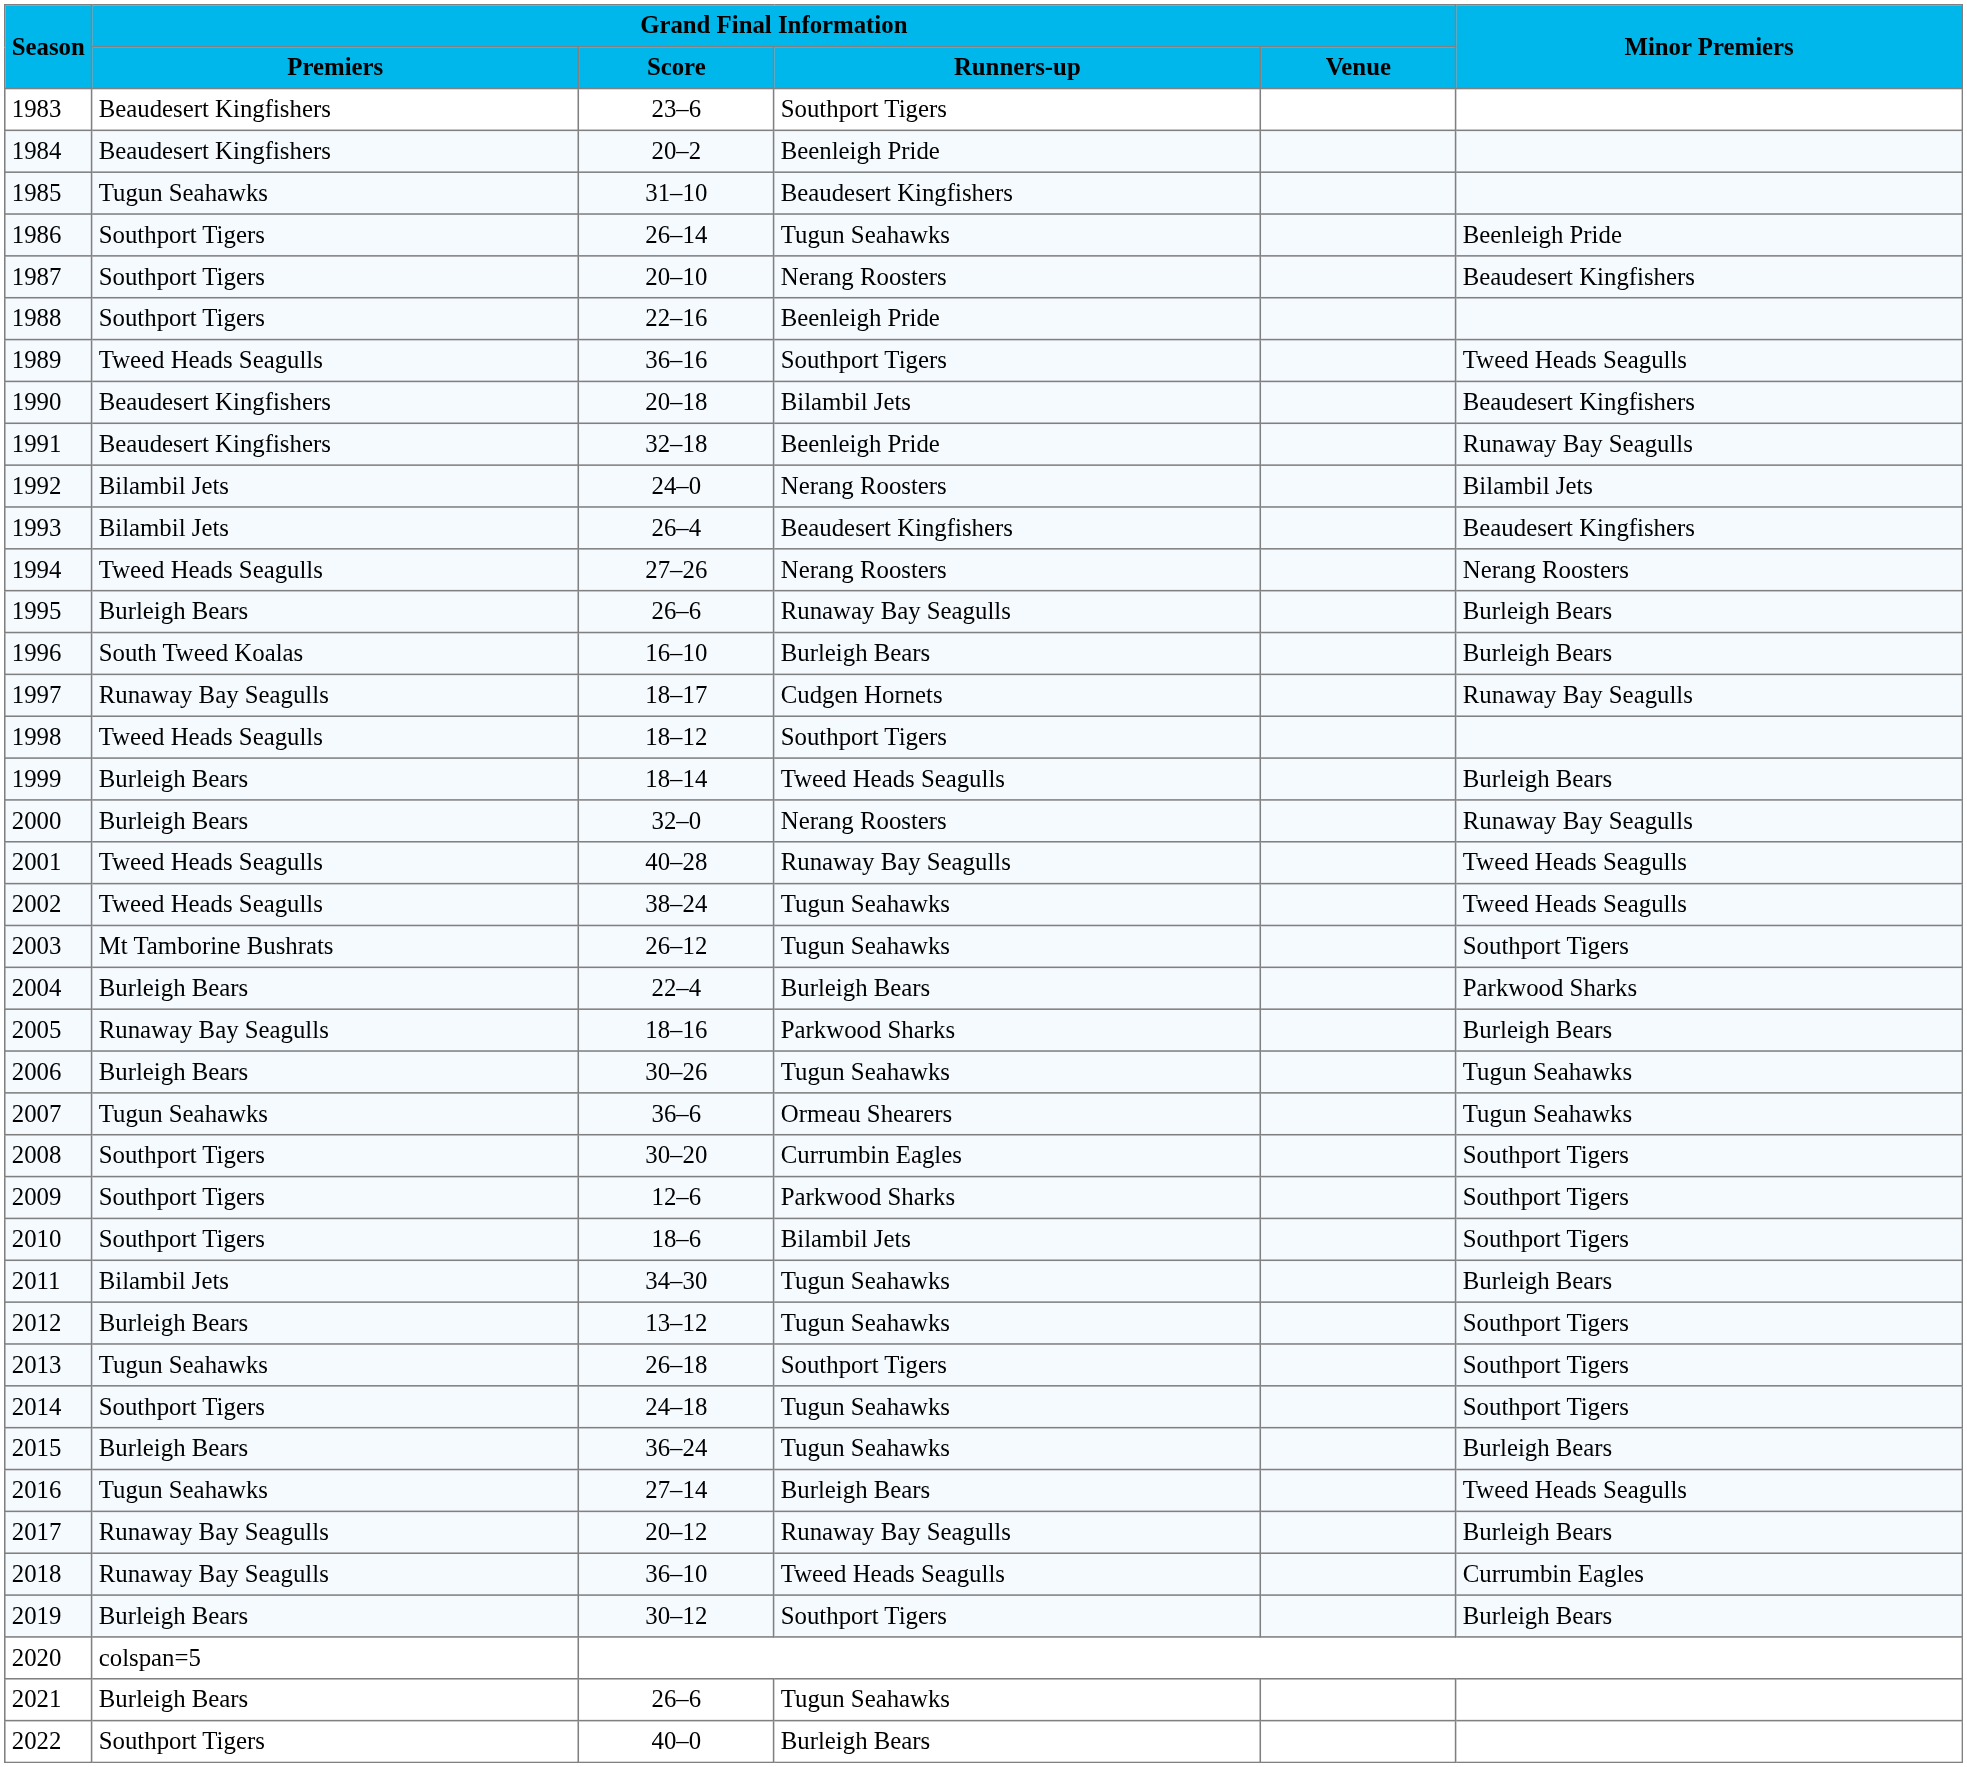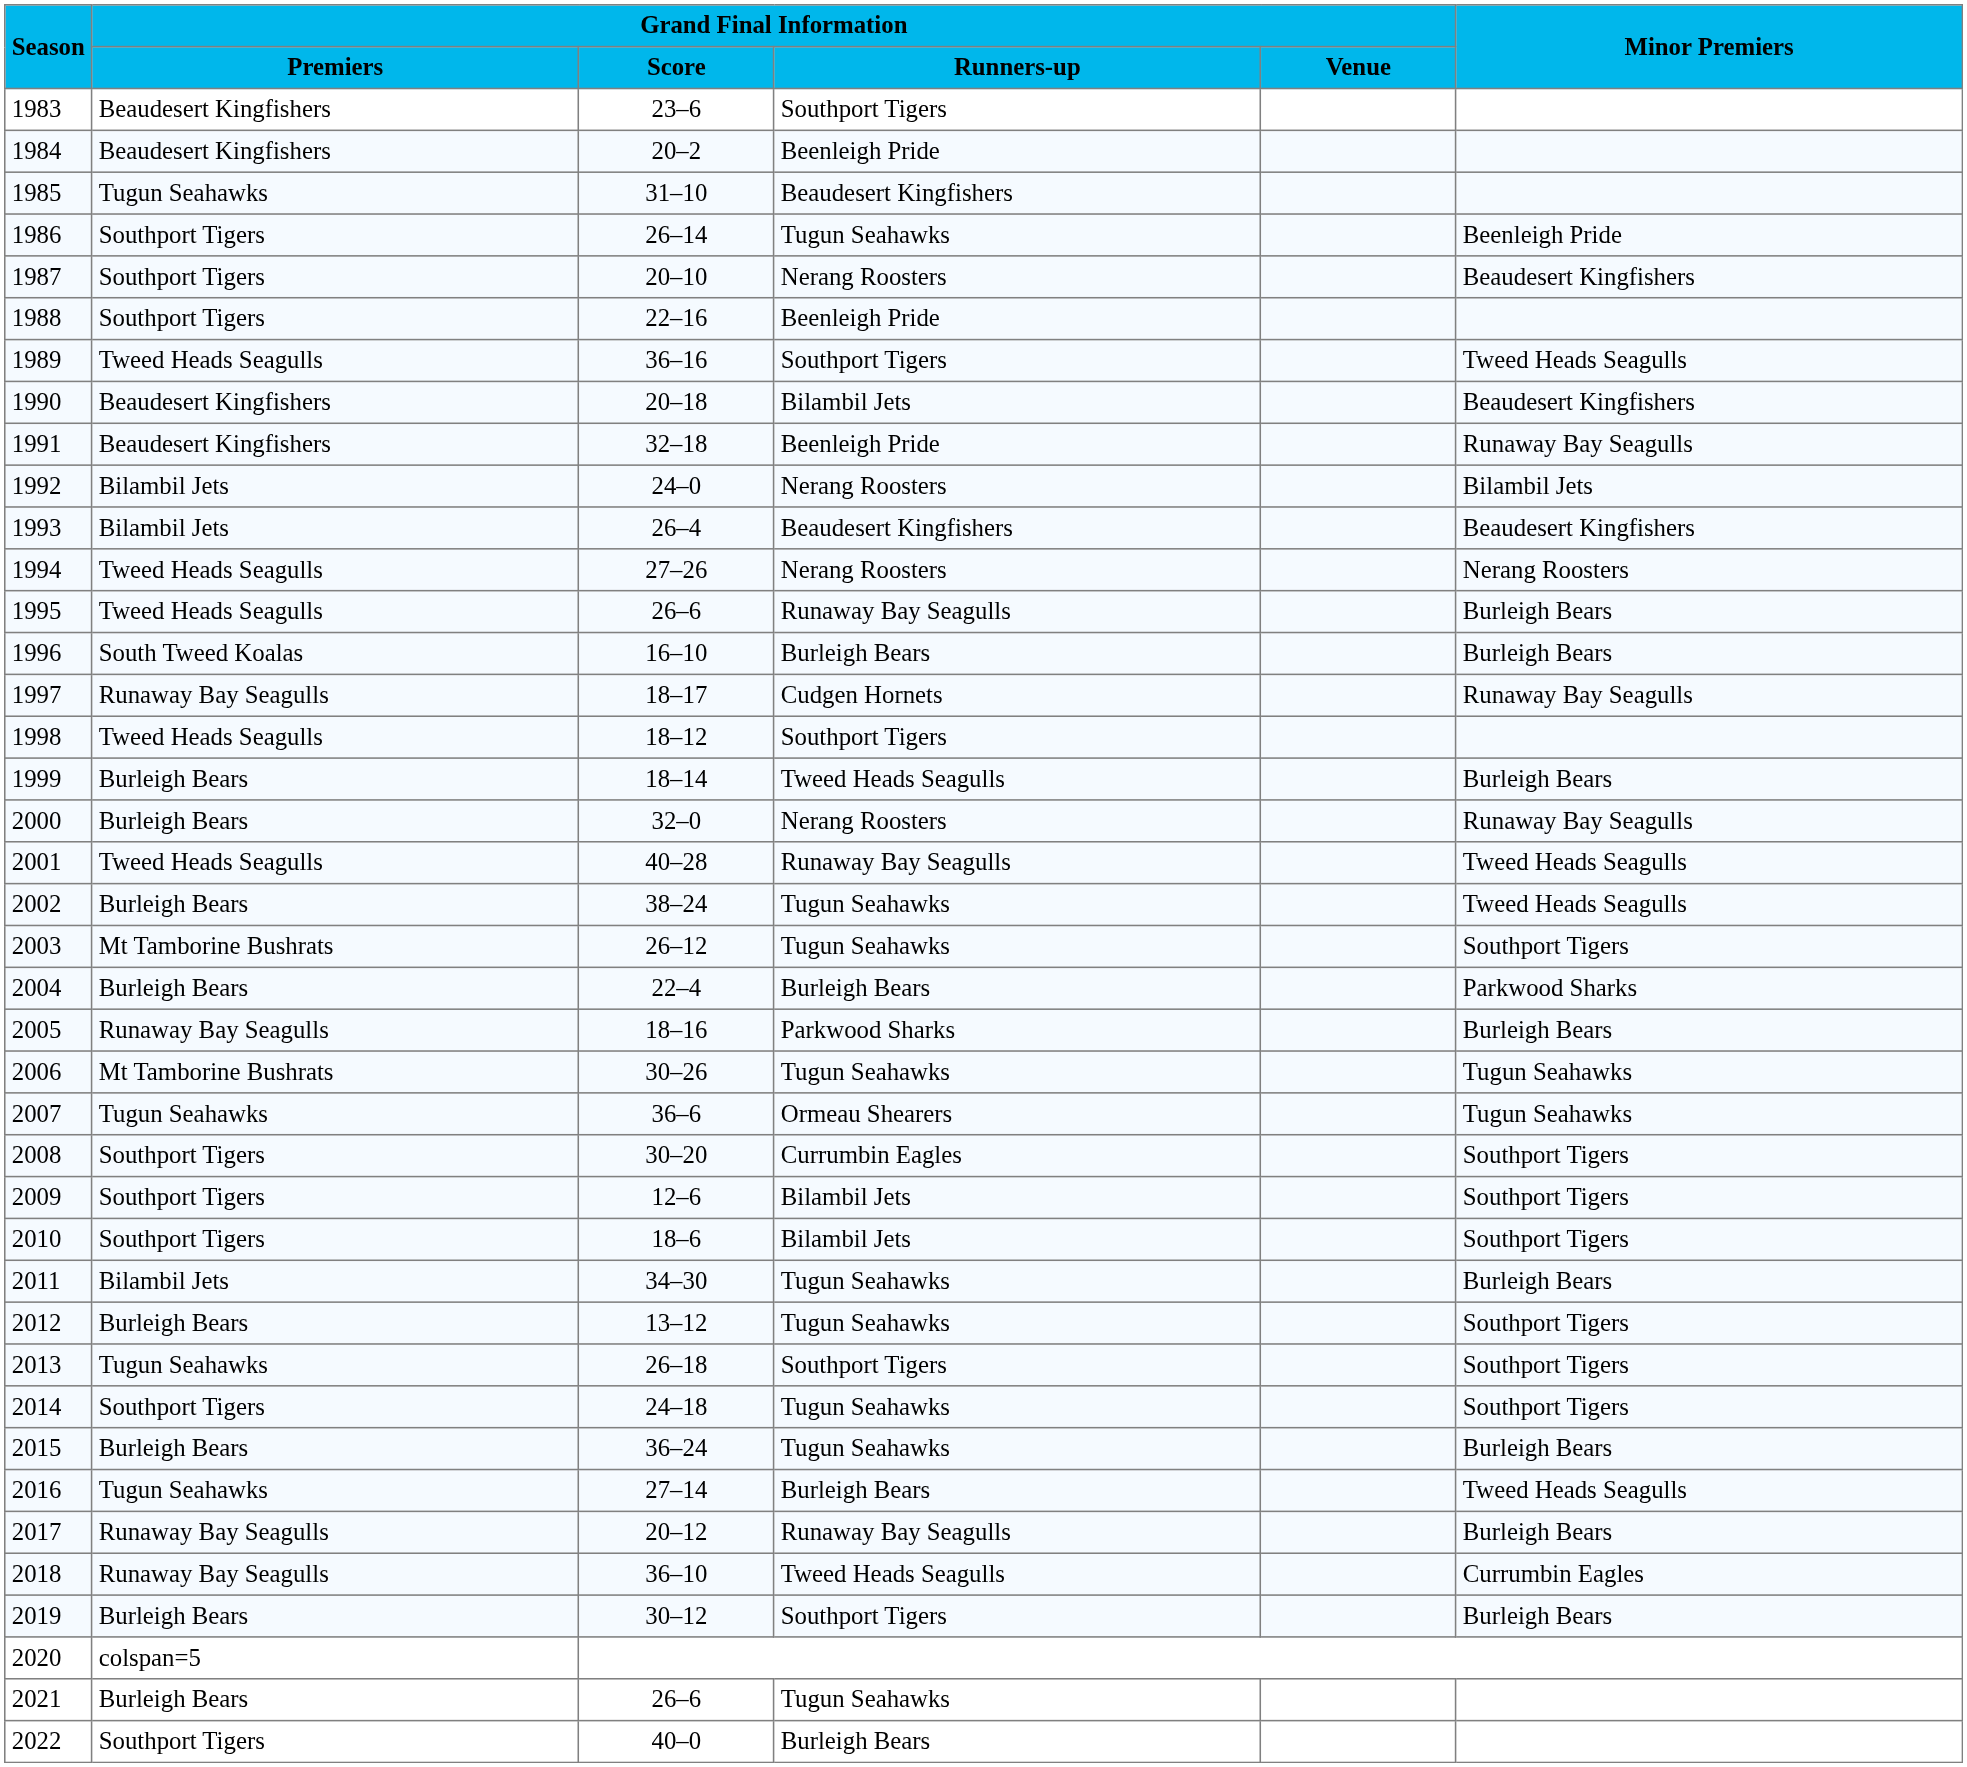 <table border=1 style="border-collapse:collapse; font-size:100%;" cellpadding=4 cellspacing=0 width=100%>
 <tr bgcolor=#00B7EB>
 <th rowspan=2 width=04%>Season</th>
 <th rowspan=1 colspan=4>Grand Final Information</th>
 <th rowspan=2 width=40%>Minor Premiers</th>
 </tr>
 <tr bgcolor=#00B7EB>
 <th rowspan=1 width=25%>Premiers</th>
 <th rowspan=1 width=10%>Score</th>
 <th rowspan=1 width=25%>Runners-up</th>
 <th rowspan=1 width=10%>Venue</th>
 </tr>
 <tr bgcolor=#FFFFFF>
 <td>1983</td>
 <td> Beaudesert Kingfishers</td>
 <td align=center>23–6</td>
 <td> Southport Tigers</td>
 <td></td>
 <td></td>
 </tr>
 <tr bgcolor=#F5FAFF>
 <td>1984</td>
 <td> Beaudesert Kingfishers</td>
 <td align=center>20–2</td>
 <td> Beenleigh Pride</td>
 <td></td>
 <td></td>
 </tr>
 <tr bgcolor=#F5FAFF>
 <td>1985</td>
 <td> Tugun Seahawks</td>
 <td align=center>31–10</td>
 <td> Beaudesert Kingfishers</td>
 <td></td>
 <td></td>
 </tr>
 <tr bgcolor=#F5FAFF>
 <td>1986</td>
 <td> Southport Tigers</td>
 <td align=center>26–14</td>
 <td> Tugun Seahawks</td>
 <td></td>
 <td> Beenleigh Pride</td>
 </tr>
 <tr bgcolor=#F5FAFF>
 <td>1987</td>
 <td> Southport Tigers</td>
 <td align=center>20–10</td>
 <td> Nerang Roosters</td>
 <td></td>
 <td> Beaudesert Kingfishers</td>
 </tr>
 <tr bgcolor=#F5FAFF>
 <td>1988</td>
 <td> Southport Tigers</td>
 <td align=center>22–16</td>
 <td> Beenleigh Pride</td>
 <td></td>
 <td></td>
 </tr>
 <tr bgcolor=#F5FAFF>
 <td>1989</td>
 <td> Tweed Heads Seagulls</td>
 <td align=center>36–16</td>
 <td> Southport Tigers</td>
 <td></td>
 <td> Tweed Heads Seagulls</td>
 </tr>
 <tr bgcolor=#F5FAFF>
 <td>1990</td>
 <td> Beaudesert Kingfishers</td>
 <td align=center>20–18</td>
 <td> Bilambil Jets</td>
 <td></td>
 <td> Beaudesert Kingfishers</td>
 </tr>
 <tr bgcolor=#F5FAFF>
 <td>1991</td>
 <td> Beaudesert Kingfishers</td>
 <td align=center>32–18</td>
 <td> Beenleigh Pride</td>
 <td></td>
 <td> Runaway Bay Seagulls</td>
 </tr>
 <tr bgcolor=#F5FAFF>
 <td>1992</td>
 <td> Bilambil Jets</td>
 <td align=center>24–0</td>
 <td> Nerang Roosters</td>
 <td></td>
 <td> Bilambil Jets</td>
 </tr>
 <tr bgcolor=#F5FAFF>
 <td>1993</td>
 <td> Bilambil Jets</td>
 <td align=center>26–4</td>
 <td> Beaudesert Kingfishers</td>
 <td></td>
 <td> Beaudesert Kingfishers</td>
 </tr>
 <tr bgcolor=#F5FAFF>
 <td>1994</td>
 <td> Tweed Heads Seagulls</td>
 <td align=center>27–26</td>
 <td> Nerang Roosters</td>
 <td></td>
 <td> Nerang Roosters</td>
 </tr>
 <tr bgcolor=#F5FAFF>
 <td>1995</td>
-<td> Burleigh Bears</td>
+<td> Tweed Heads Seagulls</td>
 <td align=center>26–6</td>
 <td> Runaway Bay Seagulls</td>
 <td></td>
 <td> Burleigh Bears</td>
 </tr>
 <tr bgcolor=#F5FAFF>
 <td>1996</td>
 <td> South Tweed Koalas</td>
 <td align=center>16–10</td>
 <td> Burleigh Bears</td>
 <td></td>
 <td> Burleigh Bears</td>
 </tr>
 <tr bgcolor=#F5FAFF>
 <td>1997</td>
 <td> Runaway Bay Seagulls</td>
 <td align=center>18–17</td>
 <td> Cudgen Hornets</td>
 <td></td>
 <td> Runaway Bay Seagulls</td>
 </tr>
 <tr bgcolor=#F5FAFF>
 <td>1998</td>
 <td> Tweed Heads Seagulls</td>
 <td align=center>18–12</td>
 <td> Southport Tigers</td>
 <td></td>
 <td></td>
 </tr>
 <tr bgcolor=#F5FAFF>
 <td>1999</td>
 <td> Burleigh Bears</td>
 <td align=center>18–14</td>
 <td> Tweed Heads Seagulls</td>
 <td></td>
 <td> Burleigh Bears</td>
 </tr>
 <tr bgcolor=#F5FAFF>
 <td>2000</td>
 <td> Burleigh Bears</td>
 <td align=center>32–0</td>
 <td> Nerang Roosters</td>
 <td></td>
 <td> Runaway Bay Seagulls</td>
 </tr>
 <tr bgcolor=#F5FAFF>
 <td>2001</td>
 <td> Tweed Heads Seagulls</td>
 <td align=center>40–28</td>
 <td> Runaway Bay Seagulls</td>
 <td></td>
 <td> Tweed Heads Seagulls</td>
 </tr>
 <tr bgcolor=#F5FAFF>
 <td>2002</td>
-<td> Tweed Heads Seagulls</td>
+<td> Burleigh Bears</td>
 <td align=center>38–24</td>
 <td> Tugun Seahawks</td>
 <td></td>
 <td> Tweed Heads Seagulls</td>
 </tr>
 <tr bgcolor=#F5FAFF>
 <td>2003</td>
 <td> Mt Tamborine Bushrats</td>
 <td align=center>26–12</td>
 <td> Tugun Seahawks</td>
 <td></td>
 <td> Southport Tigers</td>
 </tr>
 <tr bgcolor=#F5FAFF>
 <td>2004</td>
 <td> Burleigh Bears</td>
 <td align=center>22–4</td>
 <td> Burleigh Bears</td>
 <td></td>
 <td> Parkwood Sharks</td>
 </tr>
 <tr bgcolor=#F5FAFF>
 <td>2005</td>
 <td> Runaway Bay Seagulls</td>
 <td align=center>18–16</td>
 <td> Parkwood Sharks</td>
 <td></td>
 <td> Burleigh Bears</td>
 </tr>
 <tr bgcolor=#F5FAFF>
 <td>2006</td>
-<td> Burleigh Bears</td>
+<td> Mt Tamborine Bushrats</td>
 <td align=center>30–26</td>
 <td> Tugun Seahawks</td>
 <td></td>
 <td> Tugun Seahawks</td>
 </tr>
 <tr bgcolor=#F5FAFF>
 <td>2007</td>
 <td> Tugun Seahawks</td>
 <td align=center>36–6</td>
 <td> Ormeau Shearers</td>
 <td></td>
 <td> Tugun Seahawks</td>
 </tr>
 <tr bgcolor=#F5FAFF>
 <td>2008</td>
 <td> Southport Tigers</td>
 <td align=center>30–20</td>
 <td> Currumbin Eagles</td>
 <td></td>
 <td> Southport Tigers</td>
 </tr>
 <tr bgcolor=#F5FAFF>
 <td>2009</td>
 <td> Southport Tigers</td>
 <td align=center>12–6</td>
-<td> Parkwood Sharks</td>
+<td> Bilambil Jets</td>
 <td></td>
 <td> Southport Tigers</td>
 </tr>
 <tr bgcolor=#F5FAFF>
 <td>2010</td>
 <td> Southport Tigers</td>
 <td align=center>18–6</td>
 <td> Bilambil Jets</td>
 <td></td>
 <td> Southport Tigers</td>
 </tr>
 <tr bgcolor=#F5FAFF>
 <td>2011</td>
 <td> Bilambil Jets</td>
 <td align=center>34–30</td>
 <td> Tugun Seahawks</td>
 <td></td>
 <td> Burleigh Bears</td>
 </tr>
 <tr bgcolor=#F5FAFF>
 <td>2012</td>
 <td> Burleigh Bears</td>
 <td align=center>13–12</td>
 <td> Tugun Seahawks</td>
 <td></td>
 <td> Southport Tigers</td>
 </tr>
 <tr bgcolor=#F5FAFF>
 <td>2013</td>
 <td> Tugun Seahawks</td>
 <td align=center>26–18</td>
 <td> Southport Tigers</td>
 <td></td>
 <td> Southport Tigers</td>
 </tr>
 <tr bgcolor=#F5FAFF>
 <td>2014</td>
 <td> Southport Tigers</td>
 <td align=center>24–18</td>
 <td> Tugun Seahawks</td>
 <td></td>
 <td> Southport Tigers</td>
 </tr>
 <tr bgcolor=#F5FAFF>
 <td>2015</td>
 <td> Burleigh Bears</td>
 <td align=center>36–24</td>
 <td> Tugun Seahawks</td>
 <td></td>
 <td> Burleigh Bears</td>
 </tr>
 <tr bgcolor=#F5FAFF>
 <td>2016</td>
 <td> Tugun Seahawks</td>
 <td align=center>27–14</td>
 <td> Burleigh Bears</td>
 <td></td>
 <td> Tweed Heads Seagulls</td>
 </tr>
 <tr bgcolor=#F5FAFF>
 <td>2017</td>
 <td> Runaway Bay Seagulls</td>
 <td align=center>20–12</td>
 <td> Runaway Bay Seagulls</td>
 <td></td>
 <td> Burleigh Bears</td>
 </tr>
 <tr bgcolor=#F5FAFF>
 <td>2018</td>
 <td> Runaway Bay Seagulls</td>
 <td align=center>36–10</td>
 <td> Tweed Heads Seagulls</td>
 <td></td>
 <td> Currumbin Eagles</td>
 </tr>
 <tr bgcolor=#F5FAFF>
 <td>2019</td>
 <td> Burleigh Bears</td>
 <td align=center>30–12</td>
 <td> Southport Tigers</td>
 <td></td>
 <td> Burleigh Bears</td>
 </tr>
 <tr bgcolor+#F5FAFF>
 <td>2020</td>
 <td>colspan=5 </td>
 </tr>
 <tr bgcolor+#F5FAFF>
 <td>2021</td>
 <td> Burleigh Bears</td>
 <td align=center>26–6</td>
 <td> Tugun Seahawks</td>
 <td></td>
 <td></td>
 </tr>
 <tr bgcolor+#F5FAFF>
 <td>2022</td>
 <td> Southport Tigers</td>
 <td align=center>40–0</td>
 <td> Burleigh Bears</td>
 <td></td>
 <td></td>
 </tr>
 </table>
